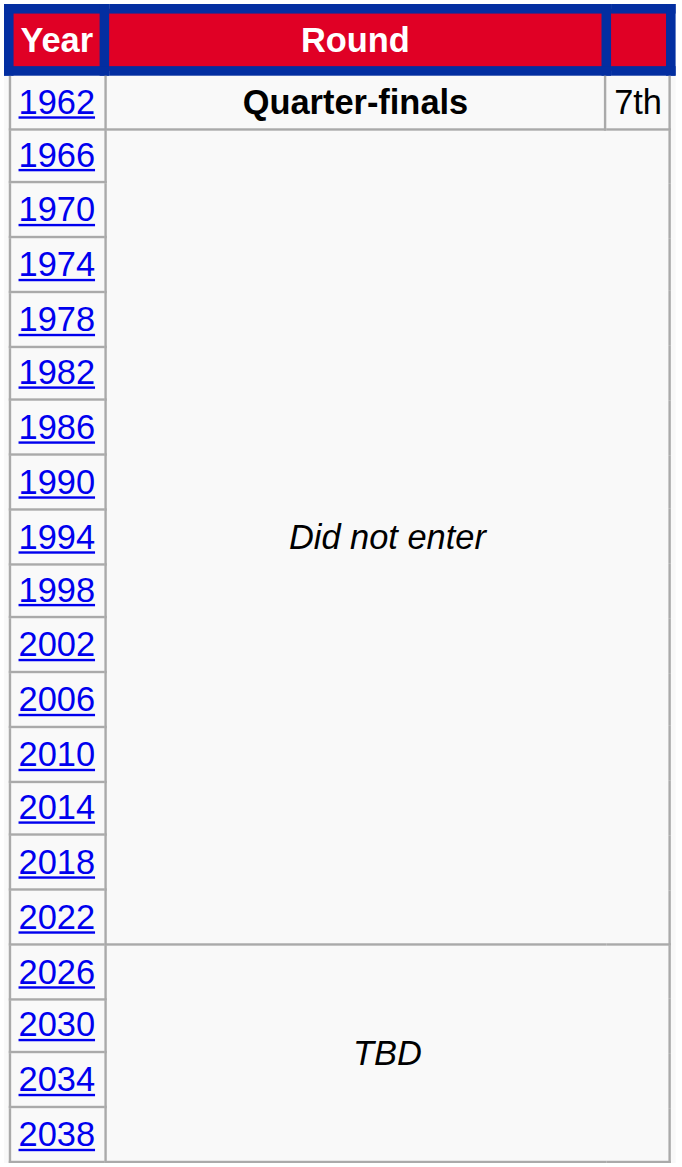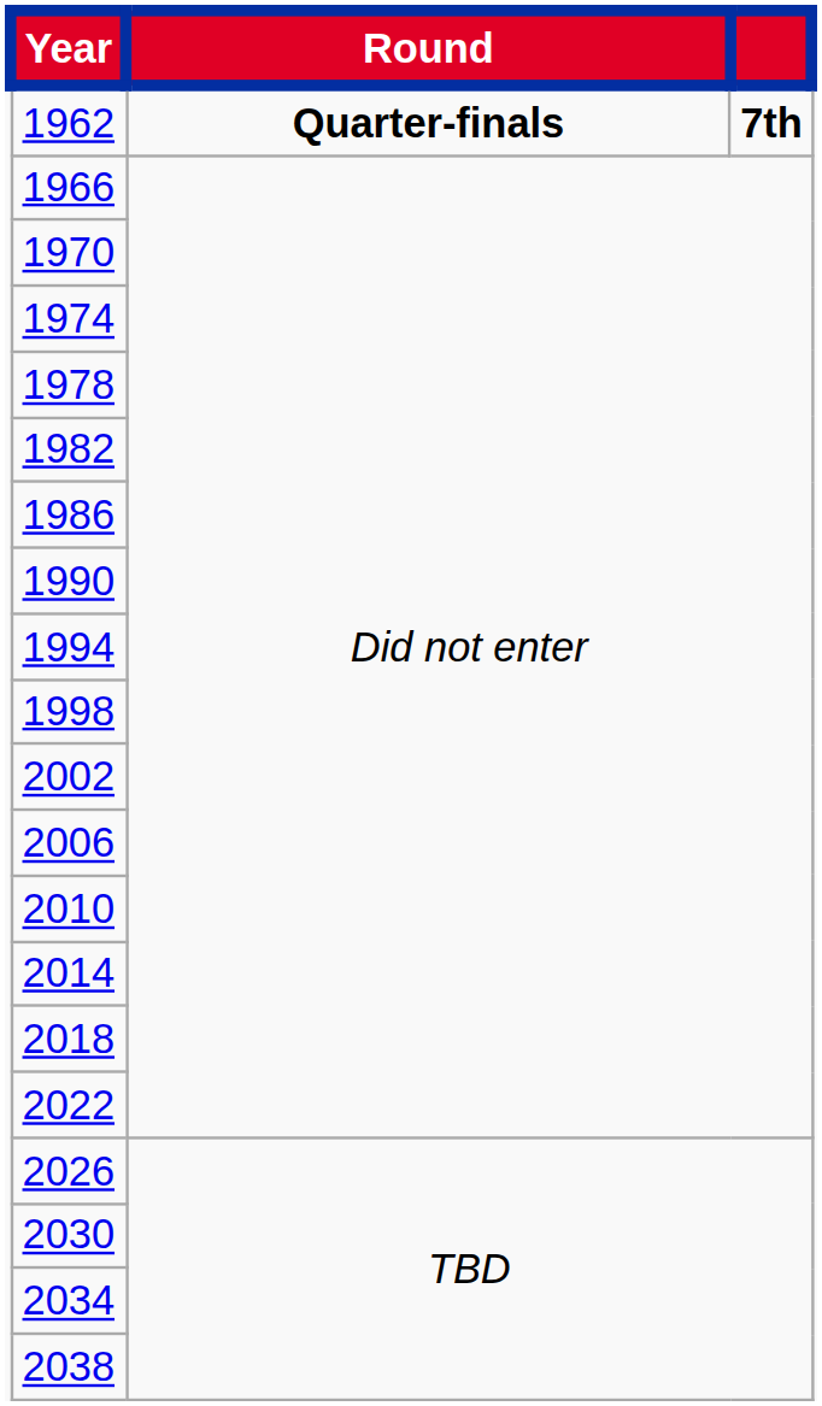 <table class="wikitable" style="text-align: center; font-size:90%">
 <tr style="color:white;">
 <th style="background:#e00025; border: 4px solid #032ea1;">Year</th>
 <th style="background:#e00025; border: 4px solid #032ea1; width:200px">Round</th>
 <th style="background:#e00025; border: 4px solid #032ea1;"></th>
 </tr>
 <tr>
 <td><a href='#'>1962</a></td>
 <td><strong>Quarter-finals</strong></td>
-<td>7th</td>
+<td><strong>7th</strong></td>
 </tr>
 <tr>
 <td><a href='#'>1966</a></td>
 <td colspan="2" rowspan="15"><em>Did not enter</em></td>
 </tr>
 <tr>
 <td><a href='#'>1970</a></td>
 </tr>
 <tr>
 <td><a href='#'>1974</a></td>
 </tr>
 <tr>
 <td><a href='#'>1978</a></td>
 </tr>
 <tr>
 <td><a href='#'>1982</a></td>
 </tr>
 <tr>
 <td><a href='#'>1986</a></td>
 </tr>
 <tr>
 <td><a href='#'>1990</a></td>
 </tr>
 <tr>
 <td><a href='#'>1994</a></td>
 </tr>
 <tr>
 <td><a href='#'>1998</a></td>
 </tr>
 <tr>
 <td><a href='#'>2002</a></td>
 </tr>
 <tr>
 <td><a href='#'>2006</a></td>
 </tr>
 <tr>
 <td><a href='#'>2010</a></td>
 </tr>
 <tr>
 <td><a href='#'>2014</a></td>
 </tr>
 <tr>
 <td><a href='#'>2018</a></td>
 </tr>
 <tr>
 <td><a href='#'>2022</a></td>
 </tr>
 <tr>
 <td><a href='#'>2026</a></td>
 <td colspan="2" rowspan="4"><em>TBD</em></td>
 </tr>
 <tr>
 <td><a href='#'>2030</a></td>
 </tr>
 <tr>
 <td><a href='#'>2034</a></td>
 </tr>
 <tr>
 <td><a href='#'>2038</a></td>
 </tr>
 </table>
